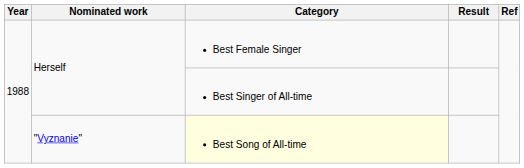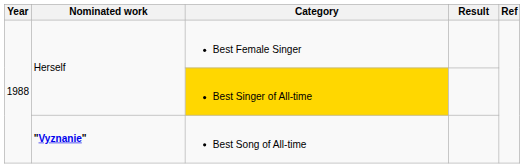 <table class="wikitable">
 <tr>
 <th style="width:10px;">Year</th>
 <th style="width:237px;">Nominated work</th>
 <th style="width:410px;">Category</th>
 <th style="width:73px;">Result</th>
 <th>Ref</th>
 </tr>
 <tr>
 <td rowspan=3>1988</td>
 <td rowspan=2>Herself</td>
 <td><br><ul><li>Best Female Singer</li></ul></td>
 <td></td>
 <td rowspan=3 style="text-align:center;"></td>
 </tr>
 <tr>
-<td><br><ul><li>Best Singer of All-time</li></ul></td>
+<td style="background: gold;"><br><ul><li>Best Singer of All-time</li></ul></td>
 <td></td>
 </tr>
 <tr>
-<td>"<a href='#'>Vyznanie</a>"</td>
-<td style="background: lightyellow;"><br><ul><li>Best Song of All-time</li></ul></td>
+<td><strong>"<a href='#'>Vyznanie</a>"</strong></td>
+<td><br><ul><li>Best Song of All-time</li></ul></td>
 <td></td>
 </tr>
 </table>
